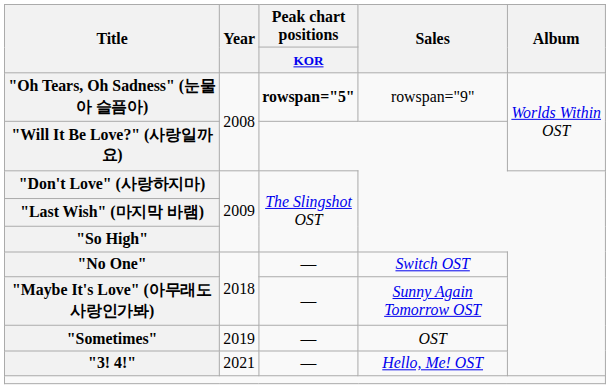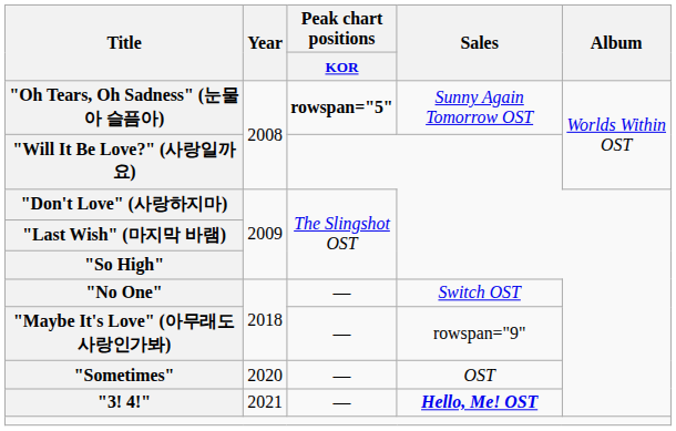 <table class="wikitable plainrowheaders" style="text-align:center;">
 <tr>
 <th rowspan="2" scope="col">Title</th>
 <th rowspan="2" scope="col">Year</th>
 <th colspan="1" scope="col" style="width:5em;">Peak chart positions</th>
 <th rowspan="2" scope="col">Sales</th>
 <th rowspan="2" scope="col">Album</th>
 </tr>
 <tr>
 <th><small><a href='#'>KOR</a></small><br></th>
 </tr>
 <tr>
 <th scope="row">"Oh Tears, Oh Sadness" (눈물아 슬픔아)</th>
 <td rowspan=2>2008</td>
 <td><strong>rowspan="5" </strong></td>
-<td>rowspan="9" </td>
+<td><em><a href='#'>Sunny Again Tomorrow OST</a></em></td>
 <td rowspan=2><em><a href='#'>Worlds Within</a> OST</em></td>
 </tr>
 <tr>
 <th scope="row">"Will It Be Love?" (사랑일까요)</th>
 </tr>
 <tr>
 <th scope="row">"Don't Love" (사랑하지마)</th>
 <td rowspan=3>2009</td>
 <td rowspan=3><em><a href='#'>The Slingshot</a> OST</em></td>
 </tr>
 <tr>
 <th scope="row">"Last Wish" (마지막 바램)</th>
 </tr>
 <tr>
 <th scope="row">"So High"</th>
 </tr>
 <tr>
 <th scope="row">"No One"</th>
 <td rowspan="2">2018</td>
 <td>—</td>
 <td><em><a href='#'>Switch OST</a></em></td>
 </tr>
 <tr>
 <th scope="row">"Maybe It's Love" (아무래도 사랑인가봐)</th>
 <td>—</td>
-<td><em><a href='#'>Sunny Again Tomorrow OST</a></em></td>
+<td>rowspan="9" </td>
 </tr>
 <tr>
 <th scope="row">"Sometimes"</th>
-<td>2019</td>
+<td>2020</td>
 <td>—</td>
 <td><em> OST</em></td>
 </tr>
 <tr>
 <th scope="row">"3! 4!" </th>
 <td>2021</td>
 <td>—</td>
-<td><em><a href='#'>Hello, Me! OST</a></em></td>
+<td><strong><em><a href='#'>Hello, Me! OST</a></em></strong></td>
 </tr>
 <tr>
 <td colspan="5"></td>
 </tr>
 </table>
